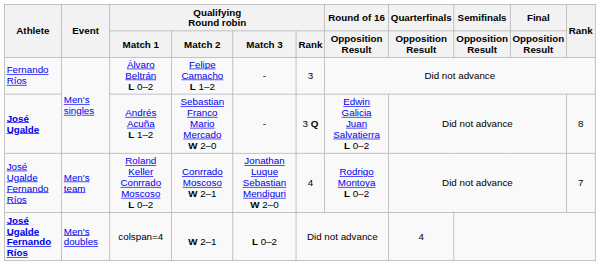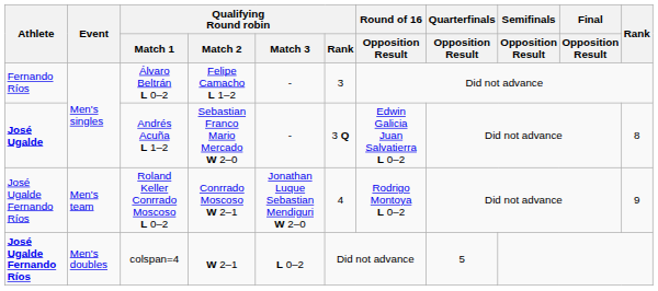 <table class="wikitable" style="font-size:90%">
 <tr>
 <th rowspan="2">Athlete</th>
 <th rowspan="2">Event</th>
 <th colspan="4">Qualifying<br>Round robin</th>
 <th>Round of 16</th>
 <th>Quarterfinals</th>
 <th>Semifinals</th>
 <th>Final</th>
 <th rowspan="2">Rank</th>
 </tr>
 <tr>
 <th>Match 1</th>
 <th>Match 2</th>
 <th>Match 3</th>
 <th>Rank</th>
 <th>Opposition<br>Result</th>
 <th>Opposition<br>Result</th>
 <th>Opposition<br>Result</th>
 <th>Opposition<br>Result</th>
 </tr>
 <tr align=center>
 <td align=left><a href='#'>Fernando Ríos</a></td>
 <td rowspan=2 align=left><a href='#'>Men's singles</a></td>
 <td align=center> <a href='#'>Álvaro Beltrán</a><br><strong>L</strong> 0–2</td>
 <td align=center> <a href='#'>Felipe Camacho</a><br><strong>L</strong> 1–2</td>
 <td align=center>-</td>
 <td>3</td>
 <td colspan=5>Did not advance</td>
 </tr>
 <tr align=center>
 <td align=left><strong><a href='#'>José Ugalde</a></strong></td>
 <td align=center> <a href='#'>Andrés Acuña</a><br><strong>L</strong> 1–2</td>
 <td align=center> <a href='#'>Sebastian Franco</a><br><a href='#'>Mario Mercado</a><br><strong>W</strong> 2–0</td>
 <td align=center>-</td>
 <td>3 <strong>Q</strong></td>
 <td align=center> <a href='#'>Edwin Galicia</a><br><a href='#'>Juan Salvatierra</a><br><strong>L</strong> 0–2</td>
 <td colspan=3>Did not advance</td>
 <td>8</td>
 </tr>
 <tr align=center>
 <td align=left><a href='#'>José Ugalde</a><br><a href='#'>Fernando Ríos</a></td>
 <td align=left><a href='#'>Men's team</a></td>
 <td align=center> <a href='#'>Roland Keller</a><br><a href='#'>Conrrado Moscoso</a><br><strong>L</strong> 0–2</td>
 <td align=center> <a href='#'>Conrrado Moscoso</a><br><strong>W</strong> 2–1</td>
 <td align=center> <a href='#'>Jonathan Luque</a><br><a href='#'>Sebastian Mendiguri</a><br><strong>W</strong> 2–0</td>
 <td>4</td>
 <td align=center> <a href='#'>Rodrigo Montoya</a><br><strong>L</strong> 0–2</td>
 <td colspan=3>Did not advance</td>
-<td>7</td>
+<td>9</td>
 </tr>
 <tr align=center>
 <td align=left><strong><a href='#'>José Ugalde</a><br><a href='#'>Fernando Ríos</a></strong></td>
 <td align=left><a href='#'>Men's doubles</a></td>
 <td>colspan=4 </td>
 <td align=center><br><strong>W</strong> 2–1</td>
 <td align=center><br><strong>L</strong> 0–2</td>
 <td colspan=2>Did not advance</td>
-<td>4</td>
+<td>5</td>
 </tr>
 </table>
